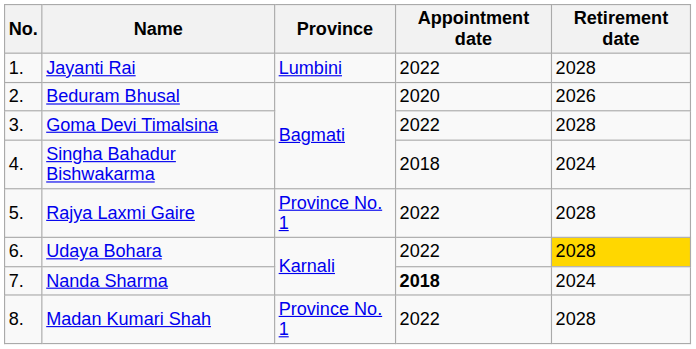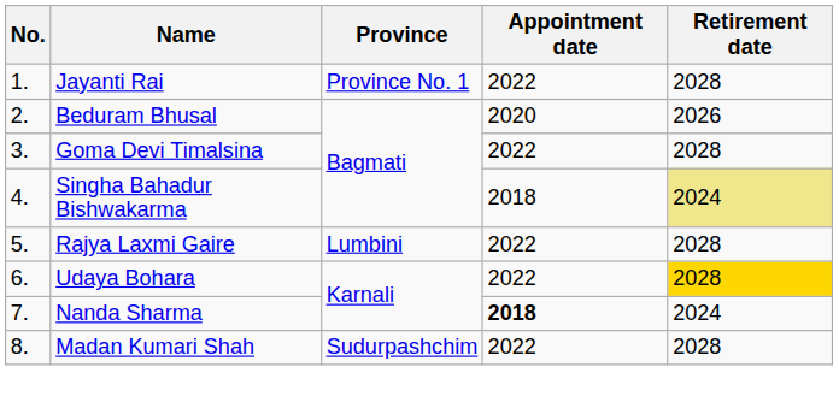 <table class="wikitable">
 <tr>
 <th style="background-color:">No.</th>
 <th style="background-color:">Name</th>
 <th style="background-color:">Province</th>
 <th style="background-color:">Appointment date</th>
 <th style="background-color:">Retirement date</th>
 </tr>
 <tr>
 <td>1.</td>
 <td><a href='#'>Jayanti Rai</a></td>
-<td><a href='#'>Lumbini</a></td>
+<td><a href='#'>Province No. 1</a></td>
 <td>2022</td>
 <td>2028</td>
 </tr>
 <tr>
 <td>2.</td>
 <td><a href='#'>Beduram Bhusal</a></td>
 <td rowspan="3"><a href='#'>Bagmati</a></td>
 <td>2020</td>
 <td>2026</td>
 </tr>
 <tr>
 <td>3.</td>
 <td><a href='#'>Goma Devi Timalsina</a></td>
 <td>2022</td>
 <td>2028</td>
 </tr>
 <tr>
 <td>4.</td>
 <td><a href='#'>Singha Bahadur Bishwakarma</a></td>
 <td>2018</td>
-<td>2024</td>
+<td style="background: khaki;">2024</td>
 </tr>
 <tr>
 <td>5.</td>
 <td><a href='#'>Rajya Laxmi Gaire</a></td>
-<td><a href='#'>Province No. 1</a></td>
+<td><a href='#'>Lumbini</a></td>
 <td>2022</td>
 <td>2028</td>
 </tr>
 <tr>
 <td>6.</td>
 <td><a href='#'>Udaya Bohara</a></td>
 <td rowspan="2"><a href='#'>Karnali</a></td>
 <td>2022</td>
 <td style="background: gold;">2028</td>
 </tr>
 <tr>
 <td>7.</td>
 <td><a href='#'>Nanda Sharma</a></td>
 <td><strong>2018</strong></td>
 <td>2024</td>
 </tr>
 <tr>
 <td>8.</td>
 <td><a href='#'>Madan Kumari Shah</a></td>
-<td><a href='#'>Province No. 1</a></td>
+<td><a href='#'>Sudurpashchim</a></td>
 <td>2022</td>
 <td>2028</td>
 </tr>
 </table>
